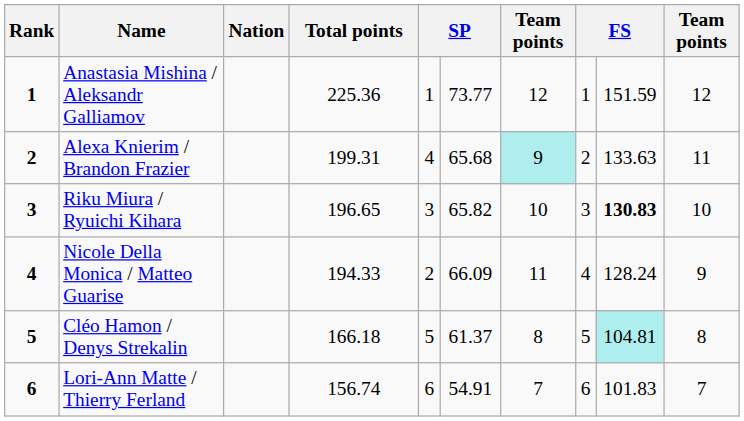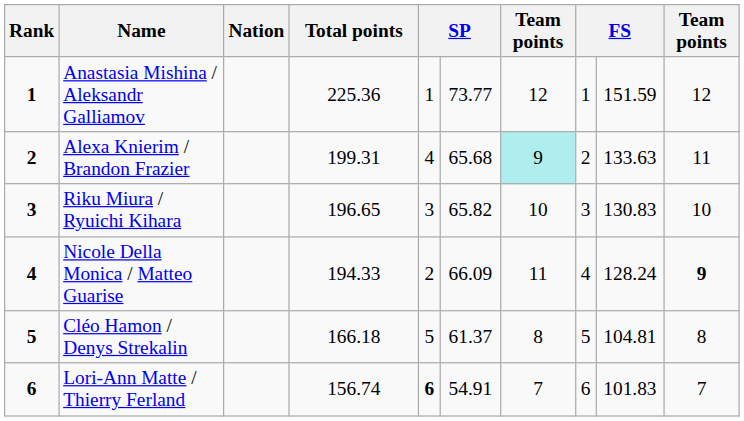 <table class="wikitable sortable">
 <tr>
 <th>Rank</th>
 <th>Name</th>
 <th>Nation</th>
 <th width="100">Total points</th>
 <th width="80" colspan="2"><a href='#'>SP</a></th>
 <th>Team points</th>
 <th width="80" colspan="2"><a href='#'>FS</a></th>
 <th>Team points</th>
 </tr>
 <tr>
 <td style="text-align: center;"><strong>1</strong></td>
 <td><a href='#'>Anastasia Mishina</a> / <a href='#'>Aleksandr Galliamov</a></td>
 <td></td>
 <td style="text-align: center;">225.36</td>
 <td style="text-align: center;">1</td>
 <td style="text-align: center;">73.77</td>
 <td style="text-align: center;">12</td>
 <td style="text-align: center;">1</td>
 <td style="text-align: center;">151.59</td>
 <td style="text-align: center;">12</td>
 </tr>
 <tr>
 <td style="text-align: center;"><strong>2</strong></td>
 <td><a href='#'>Alexa Knierim</a> / <a href='#'>Brandon Frazier</a></td>
 <td></td>
 <td style="text-align: center;">199.31</td>
 <td style="text-align: center;">4</td>
 <td style="text-align: center;">65.68</td>
 <td style="background: paleturquoise; text-align: center;">9</td>
 <td style="text-align: center;">2</td>
 <td style="text-align: center;">133.63</td>
 <td style="text-align: center;">11</td>
 </tr>
 <tr>
 <td style="text-align: center;"><strong>3</strong></td>
 <td><a href='#'>Riku Miura</a> / <a href='#'>Ryuichi Kihara</a></td>
 <td></td>
 <td style="text-align: center;">196.65</td>
 <td style="text-align: center;">3</td>
 <td style="text-align: center;">65.82</td>
 <td style="text-align: center;">10</td>
 <td style="text-align: center;">3</td>
-<td style="text-align: center;"><strong>130.83</strong></td>
+<td style="text-align: center;">130.83</td>
 <td style="text-align: center;">10</td>
 </tr>
 <tr>
 <td style="text-align: center;"><strong>4</strong></td>
 <td><a href='#'>Nicole Della Monica</a> / <a href='#'>Matteo Guarise</a></td>
 <td></td>
 <td style="text-align: center;">194.33</td>
 <td style="text-align: center;">2</td>
 <td style="text-align: center;">66.09</td>
 <td style="text-align: center;">11</td>
 <td style="text-align: center;">4</td>
 <td style="text-align: center;">128.24</td>
-<td style="text-align: center;">9</td>
+<td style="text-align: center;"><strong>9</strong></td>
 </tr>
 <tr>
 <td style="text-align: center;"><strong>5</strong></td>
 <td><a href='#'>Cléo Hamon</a> / <a href='#'>Denys Strekalin</a></td>
 <td></td>
 <td style="text-align: center;">166.18</td>
 <td style="text-align: center;">5</td>
 <td style="text-align: center;">61.37</td>
 <td style="text-align: center;">8</td>
 <td style="text-align: center;">5</td>
-<td style="background: paleturquoise; text-align: center;">104.81</td>
+<td style="text-align: center;">104.81</td>
 <td style="text-align: center;">8</td>
 </tr>
 <tr>
 <td style="text-align: center;"><strong>6</strong></td>
 <td><a href='#'>Lori-Ann Matte</a> / <a href='#'>Thierry Ferland</a></td>
 <td></td>
 <td style="text-align: center;">156.74</td>
-<td style="text-align: center;">6</td>
+<td style="text-align: center;"><strong>6</strong></td>
 <td style="text-align: center;">54.91</td>
 <td style="text-align: center;">7</td>
 <td style="text-align: center;">6</td>
 <td style="text-align: center;">101.83</td>
 <td style="text-align: center;">7</td>
 </tr>
 </table>
